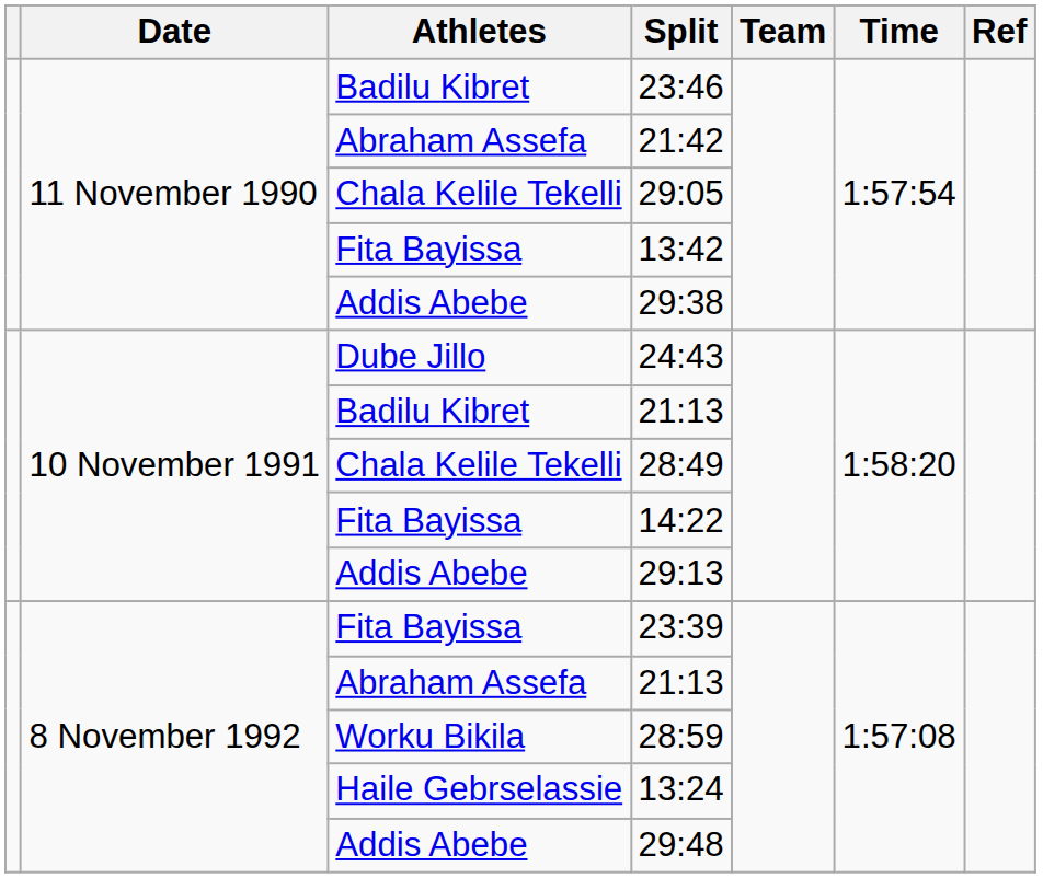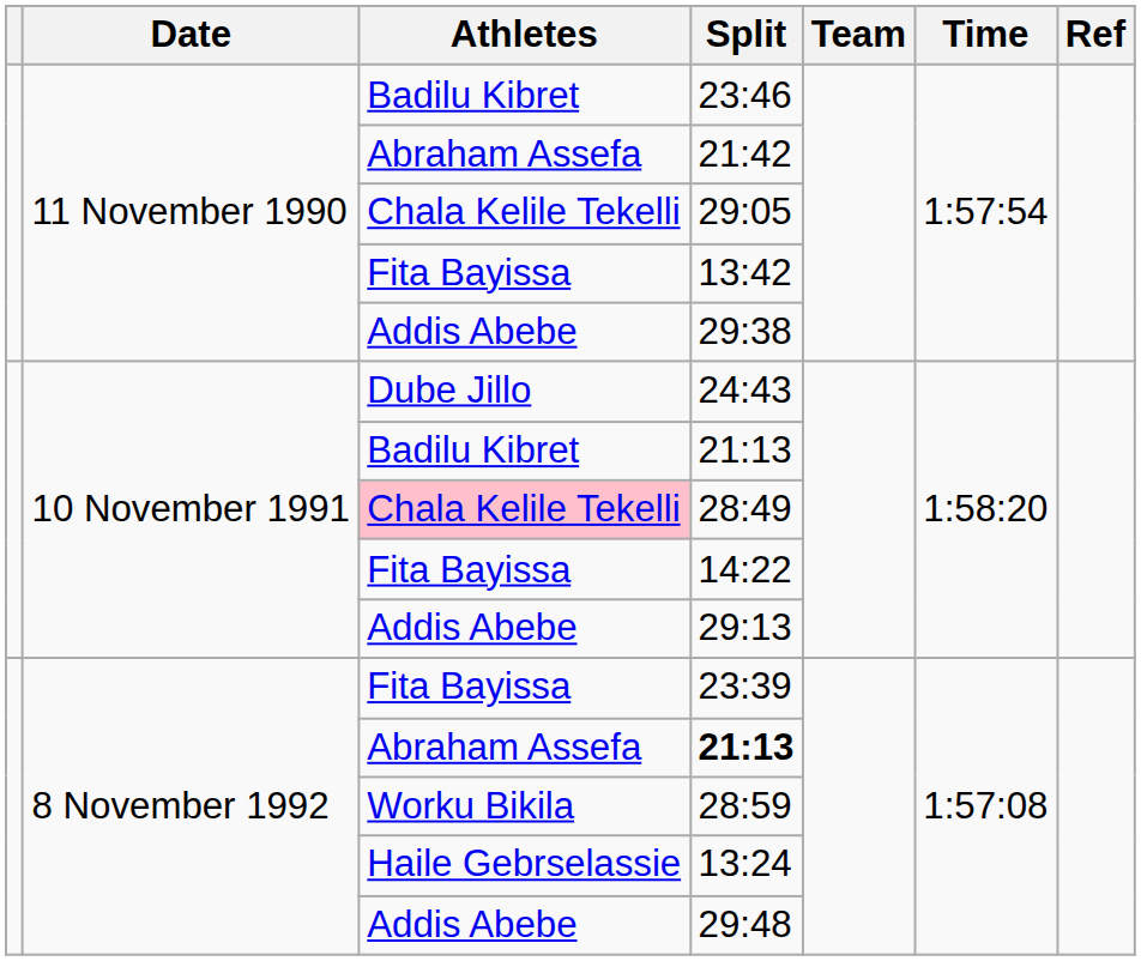 <table class="wikitable sortable">
 <tr>
 <th class=unsortable></th>
 <th>Date</th>
 <th>Athletes</th>
 <th>Split</th>
 <th>Team</th>
 <th>Time</th>
 <th>Ref</th>
 </tr>
 <tr>
 <td scope=row rowspan=5 align=center><a href='#'></a></td>
 <td rowspan=5>11 November 1990</td>
 <td><a href='#'>Badilu Kibret</a></td>
 <td>23:46</td>
 <td rowspan=5></td>
 <td rowspan=5>1:57:54</td>
 <td rowspan=5></td>
 </tr>
 <tr>
 <td><a href='#'>Abraham Assefa</a></td>
 <td>21:42</td>
 </tr>
 <tr>
 <td><a href='#'>Chala Kelile Tekelli</a></td>
 <td>29:05</td>
 </tr>
 <tr>
 <td><a href='#'>Fita Bayissa</a></td>
 <td>13:42</td>
 </tr>
 <tr>
 <td><a href='#'>Addis Abebe</a></td>
 <td>29:38</td>
 </tr>
 <tr>
 <td scope=row rowspan=5 align=center><a href='#'></a></td>
 <td rowspan=5>10 November 1991</td>
 <td><a href='#'>Dube Jillo</a></td>
 <td>24:43</td>
 <td rowspan=5></td>
 <td rowspan=5>1:58:20</td>
 <td rowspan=5></td>
 </tr>
 <tr>
 <td><a href='#'>Badilu Kibret</a></td>
 <td>21:13</td>
 </tr>
 <tr>
-<td><a href='#'>Chala Kelile Tekelli</a></td>
+<td style="background: pink;"><a href='#'>Chala Kelile Tekelli</a></td>
 <td>28:49</td>
 </tr>
 <tr>
 <td><a href='#'>Fita Bayissa</a></td>
 <td>14:22</td>
 </tr>
 <tr>
 <td><a href='#'>Addis Abebe</a></td>
 <td>29:13</td>
 </tr>
 <tr>
 <td scope=row rowspan=5 align=center><a href='#'></a></td>
 <td rowspan=5>8 November 1992</td>
 <td><a href='#'>Fita Bayissa</a></td>
 <td>23:39</td>
 <td rowspan=5></td>
 <td rowspan=5>1:57:08</td>
 <td rowspan=5></td>
 </tr>
 <tr>
 <td><a href='#'>Abraham Assefa</a></td>
-<td>21:13</td>
+<td><strong>21:13</strong></td>
 </tr>
 <tr>
 <td><a href='#'>Worku Bikila</a></td>
 <td>28:59</td>
 </tr>
 <tr>
 <td><a href='#'>Haile Gebrselassie</a></td>
 <td>13:24</td>
 </tr>
 <tr>
 <td><a href='#'>Addis Abebe</a></td>
 <td>29:48</td>
 </tr>
 </table>
